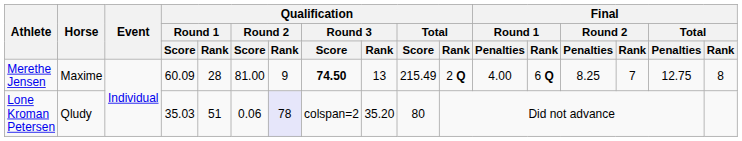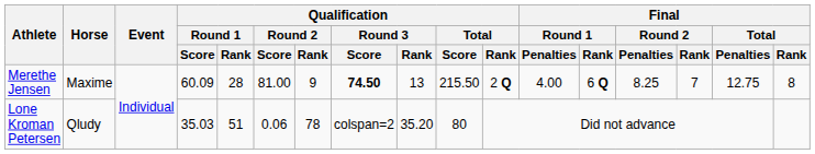 <table class=wikitable style="font-size:90%">
 <tr>
 <th rowspan="3">Athlete</th>
 <th rowspan="3">Horse</th>
 <th rowspan="3">Event</th>
 <th colspan="8">Qualification</th>
 <th colspan="6">Final</th>
 </tr>
 <tr style="font-size:95%">
 <th colspan=2>Round 1</th>
 <th colspan=2>Round 2</th>
 <th colspan=2>Round 3</th>
 <th colspan=2>Total</th>
 <th colspan=2>Round 1</th>
 <th colspan=2>Round 2</th>
 <th colspan=2>Total</th>
 </tr>
 <tr style="font-size:95%">
 <th>Score</th>
 <th>Rank</th>
 <th>Score</th>
 <th>Rank</th>
 <th>Score</th>
 <th>Rank</th>
 <th>Score</th>
 <th>Rank</th>
 <th>Penalties</th>
 <th>Rank</th>
 <th>Penalties</th>
 <th>Rank</th>
 <th>Penalties</th>
 <th>Rank</th>
 </tr>
 <tr align=center>
 <td align=left><a href='#'>Merethe Jensen</a></td>
 <td align=left>Maxime</td>
 <td align=left rowspan=2><a href='#'>Individual</a></td>
 <td>60.09</td>
 <td>28</td>
 <td>81.00</td>
 <td>9</td>
 <td><strong>74.50</strong></td>
 <td>13</td>
-<td>215.49</td>
+<td>215.50</td>
 <td>2 <strong>Q</strong></td>
 <td>4.00</td>
 <td>6 <strong>Q</strong></td>
 <td>8.25</td>
 <td>7</td>
 <td>12.75</td>
 <td>8</td>
 </tr>
 <tr align=center>
 <td align=left><a href='#'>Lone Kroman Petersen</a></td>
 <td align=left>Qludy</td>
 <td>35.03</td>
 <td>51</td>
 <td>0.06</td>
-<td style="background: lavender;">78</td>
+<td>78</td>
 <td>colspan=2</td>
 <td>35.20</td>
 <td>80</td>
 <td colspan=6>Did not advance</td>
 </tr>
 </table>
